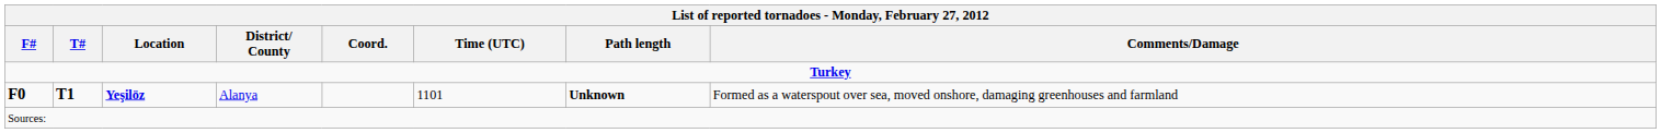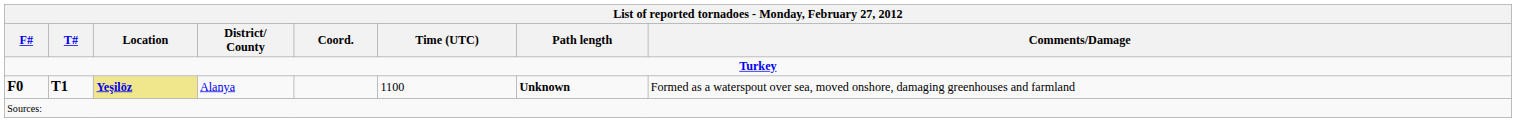 <table class="wikitable collapsible" width="100%">
 <tr>
 <th colspan="8">List of reported tornadoes - Monday, February 27, 2012</th>
 </tr>
 <tr>
 <th><a href='#'>F#</a></th>
 <th><a href='#'>T#</a></th>
 <th>Location</th>
 <th>District/<br>County</th>
 <th>Coord.</th>
 <th>Time (UTC)</th>
 <th>Path length</th>
 <th>Comments/Damage</th>
 </tr>
 <tr>
 <td colspan="8" align=center><strong><a href='#'>Turkey</a></strong></td>
 </tr>
 <tr>
 <td><big><strong>F0</strong></big></td>
 <td><big><strong>T1</strong></big></td>
-<td><strong><a href='#'>Yeşilöz</a></strong></td>
+<td style="background: khaki;"><strong><a href='#'>Yeşilöz</a></strong></td>
 <td><a href='#'>Alanya</a></td>
 <td></td>
-<td>1101</td>
+<td>1100</td>
 <td><strong>Unknown</strong></td>
 <td>Formed as a waterspout over sea, moved onshore, damaging greenhouses and farmland</td>
 </tr>
 <tr>
 <td colspan="8"><small>Sources:  </small></td>
 </tr>
 </table>
